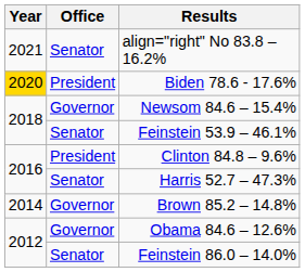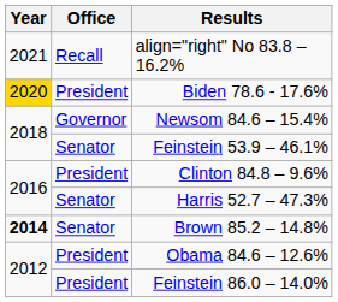 <table class=wikitable>
 <tr>
 <th width="30">Year</th>
 <th width="60">Office</th>
 <th width="180">Results</th>
 </tr>
 <tr>
 <td>2021</td>
-<td><a href='#'>Senator</a></td>
+<td><a href='#'>Recall</a></td>
 <td>align="right"  No 83.8 – 16.2%</td>
 </tr>
 <tr>
 <td rowspan="1" style="background: gold;">2020</td>
 <td><a href='#'>President</a></td>
 <td align="right" ><a href='#'>Biden</a> 78.6 - 17.6%</td>
 </tr>
 <tr>
 <td rowspan="2">2018</td>
 <td><a href='#'>Governor</a></td>
 <td align="right" ><a href='#'>Newsom</a> 84.6 – 15.4%</td>
 </tr>
 <tr>
 <td><a href='#'>Senator</a></td>
 <td align="right" ><a href='#'>Feinstein</a> 53.9 – 46.1%</td>
 </tr>
 <tr>
 <td rowspan="2">2016</td>
 <td><a href='#'>President</a></td>
 <td align="right" ><a href='#'>Clinton</a> 84.8 – 9.6%</td>
 </tr>
 <tr>
 <td><a href='#'>Senator</a></td>
 <td align="right" ><a href='#'>Harris</a> 52.7 – 47.3%</td>
 </tr>
 <tr>
-<td>2014</td>
-<td><a href='#'>Governor</a></td>
+<td><strong>2014</strong></td>
+<td><a href='#'>Senator</a></td>
 <td align="right" ><a href='#'>Brown</a> 85.2 – 14.8%</td>
 </tr>
 <tr>
 <td rowspan="2">2012</td>
-<td><a href='#'>Governor</a></td>
+<td><a href='#'>President</a></td>
 <td align="right" ><a href='#'>Obama</a> 84.6 – 12.6%</td>
 </tr>
 <tr>
-<td><a href='#'>Senator</a></td>
+<td><a href='#'>President</a></td>
 <td align="right" ><a href='#'>Feinstein</a> 86.0 – 14.0%</td>
 </tr>
 </table>
